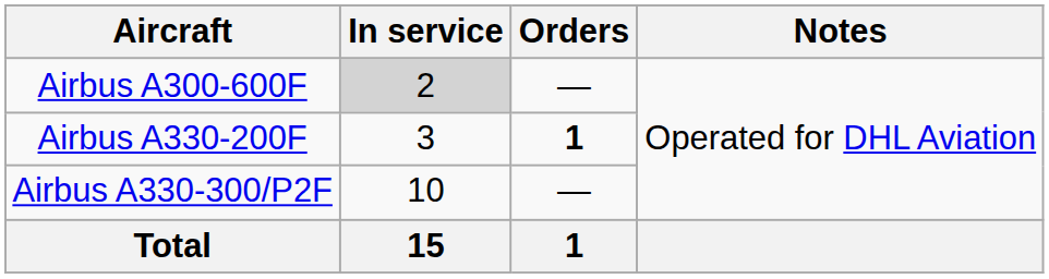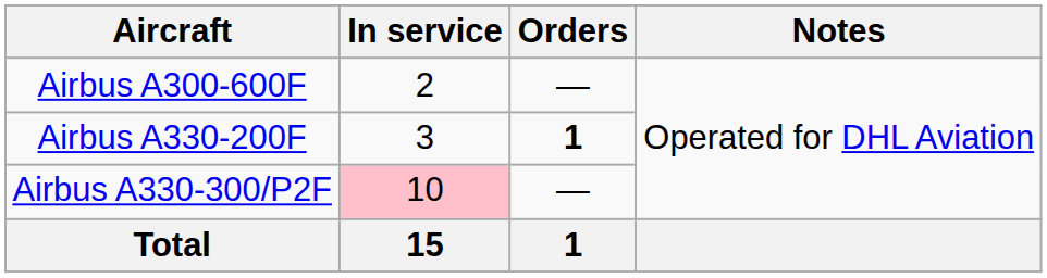 <table class="wikitable" style="margin:0.5em auto;text-align:center">
 <tr>
 <th>Aircraft</th>
 <th>In service</th>
 <th>Orders</th>
 <th>Notes</th>
 </tr>
 <tr>
 <td><a href='#'>Airbus A300-600F</a></td>
-<td style="background: lightgrey;">2</td>
+<td>2</td>
 <td>—</td>
 <td rowspan="3">Operated for <a href='#'>DHL Aviation</a></td>
 </tr>
 <tr>
 <td><a href='#'>Airbus A330-200F</a></td>
 <td>3</td>
 <td><strong>1</strong></td>
 </tr>
 <tr>
 <td><a href='#'>Airbus A330-300/P2F</a></td>
-<td>10</td>
+<td style="background: pink;">10</td>
 <td>—</td>
 </tr>
 <tr>
 <th>Total</th>
 <th>15</th>
 <th>1</th>
 <th></th>
 </tr>
 </table>
